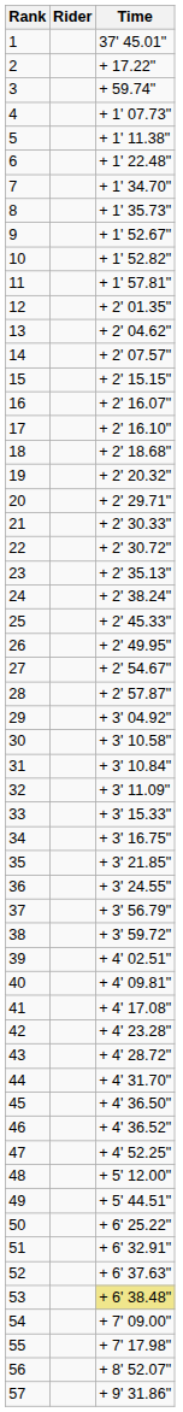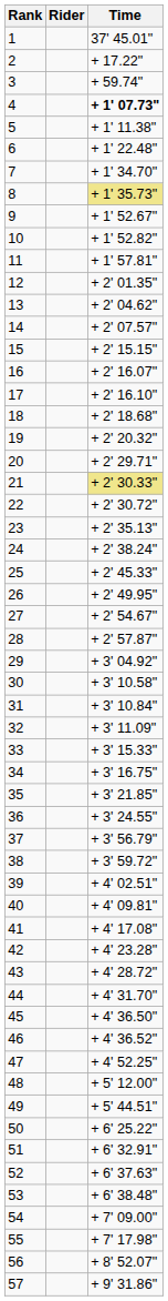 <table class="wikitable">
 <tr>
 <th>Rank</th>
 <th>Rider</th>
 <th>Time</th>
 </tr>
 <tr>
 <td>1</td>
 <td></td>
 <td>37' 45.01"</td>
 </tr>
 <tr>
 <td>2</td>
 <td></td>
 <td>+ 17.22"</td>
 </tr>
 <tr>
 <td>3</td>
 <td></td>
 <td>+ 59.74"</td>
 </tr>
 <tr>
 <td>4</td>
 <td></td>
-<td>+ 1' 07.73"</td>
+<td><strong>+ 1' 07.73"</strong></td>
 </tr>
 <tr>
 <td>5</td>
 <td></td>
 <td>+ 1' 11.38"</td>
 </tr>
 <tr>
 <td>6</td>
 <td></td>
 <td>+ 1' 22.48"</td>
 </tr>
 <tr>
 <td>7</td>
 <td></td>
 <td>+ 1' 34.70"</td>
 </tr>
 <tr>
 <td>8</td>
 <td></td>
-<td>+ 1' 35.73"</td>
+<td style="background: khaki;">+ 1' 35.73"</td>
 </tr>
 <tr>
 <td>9</td>
 <td></td>
 <td>+ 1' 52.67"</td>
 </tr>
 <tr>
 <td>10</td>
 <td></td>
 <td>+ 1' 52.82"</td>
 </tr>
 <tr>
 <td>11</td>
 <td></td>
 <td>+ 1' 57.81"</td>
 </tr>
 <tr>
 <td>12</td>
 <td></td>
 <td>+ 2' 01.35"</td>
 </tr>
 <tr>
 <td>13</td>
 <td></td>
 <td>+ 2' 04.62"</td>
 </tr>
 <tr>
 <td>14</td>
 <td></td>
 <td>+ 2' 07.57"</td>
 </tr>
 <tr>
 <td>15</td>
 <td></td>
 <td>+ 2' 15.15"</td>
 </tr>
 <tr>
 <td>16</td>
 <td></td>
 <td>+ 2' 16.07"</td>
 </tr>
 <tr>
 <td>17</td>
 <td></td>
 <td>+ 2' 16.10"</td>
 </tr>
 <tr>
 <td>18</td>
 <td></td>
 <td>+ 2' 18.68"</td>
 </tr>
 <tr>
 <td>19</td>
 <td></td>
 <td>+ 2' 20.32"</td>
 </tr>
 <tr>
 <td>20</td>
 <td></td>
 <td>+ 2' 29.71"</td>
 </tr>
 <tr>
 <td>21</td>
 <td></td>
-<td>+ 2' 30.33"</td>
+<td style="background: khaki;">+ 2' 30.33"</td>
 </tr>
 <tr>
 <td>22</td>
 <td></td>
 <td>+ 2' 30.72"</td>
 </tr>
 <tr>
 <td>23</td>
 <td></td>
 <td>+ 2' 35.13"</td>
 </tr>
 <tr>
 <td>24</td>
 <td></td>
 <td>+ 2' 38.24"</td>
 </tr>
 <tr>
 <td>25</td>
 <td></td>
 <td>+ 2' 45.33"</td>
 </tr>
 <tr>
 <td>26</td>
 <td></td>
 <td>+ 2' 49.95"</td>
 </tr>
 <tr>
 <td>27</td>
 <td></td>
 <td>+ 2' 54.67"</td>
 </tr>
 <tr>
 <td>28</td>
 <td></td>
 <td>+ 2' 57.87"</td>
 </tr>
 <tr>
 <td>29</td>
 <td></td>
 <td>+ 3' 04.92"</td>
 </tr>
 <tr>
 <td>30</td>
 <td></td>
 <td>+ 3' 10.58"</td>
 </tr>
 <tr>
 <td>31</td>
 <td></td>
 <td>+ 3' 10.84"</td>
 </tr>
 <tr>
 <td>32</td>
 <td></td>
 <td>+ 3' 11.09"</td>
 </tr>
 <tr>
 <td>33</td>
 <td></td>
 <td>+ 3' 15.33"</td>
 </tr>
 <tr>
 <td>34</td>
 <td></td>
 <td>+ 3' 16.75"</td>
 </tr>
 <tr>
 <td>35</td>
 <td></td>
 <td>+ 3' 21.85"</td>
 </tr>
 <tr>
 <td>36</td>
 <td></td>
 <td>+ 3' 24.55"</td>
 </tr>
 <tr>
 <td>37</td>
 <td></td>
 <td>+ 3' 56.79"</td>
 </tr>
 <tr>
 <td>38</td>
 <td></td>
 <td>+ 3' 59.72"</td>
 </tr>
 <tr>
 <td>39</td>
 <td></td>
 <td>+ 4' 02.51"</td>
 </tr>
 <tr>
 <td>40</td>
 <td></td>
 <td>+ 4' 09.81"</td>
 </tr>
 <tr>
 <td>41</td>
 <td></td>
 <td>+ 4' 17.08"</td>
 </tr>
 <tr>
 <td>42</td>
 <td></td>
 <td>+ 4' 23.28"</td>
 </tr>
 <tr>
 <td>43</td>
 <td></td>
 <td>+ 4' 28.72"</td>
 </tr>
 <tr>
 <td>44</td>
 <td></td>
 <td>+ 4' 31.70"</td>
 </tr>
 <tr>
 <td>45</td>
 <td></td>
 <td>+ 4' 36.50"</td>
 </tr>
 <tr>
 <td>46</td>
 <td></td>
 <td>+ 4' 36.52"</td>
 </tr>
 <tr>
 <td>47</td>
 <td></td>
 <td>+ 4' 52.25"</td>
 </tr>
 <tr>
 <td>48</td>
 <td></td>
 <td>+ 5' 12.00"</td>
 </tr>
 <tr>
 <td>49</td>
 <td></td>
 <td>+ 5' 44.51"</td>
 </tr>
 <tr>
 <td>50</td>
 <td></td>
 <td>+ 6' 25.22"</td>
 </tr>
 <tr>
 <td>51</td>
 <td></td>
 <td>+ 6' 32.91"</td>
 </tr>
 <tr>
 <td>52</td>
 <td></td>
 <td>+ 6' 37.63"</td>
 </tr>
 <tr>
 <td>53</td>
 <td></td>
-<td style="background: khaki;">+ 6' 38.48"</td>
+<td>+ 6' 38.48"</td>
 </tr>
 <tr>
 <td>54</td>
 <td></td>
 <td>+ 7' 09.00"</td>
 </tr>
 <tr>
 <td>55</td>
 <td></td>
 <td>+ 7' 17.98"</td>
 </tr>
 <tr>
 <td>56</td>
 <td></td>
 <td>+ 8' 52.07"</td>
 </tr>
 <tr>
 <td>57</td>
 <td></td>
 <td>+ 9' 31.86"</td>
 </tr>
 </table>
